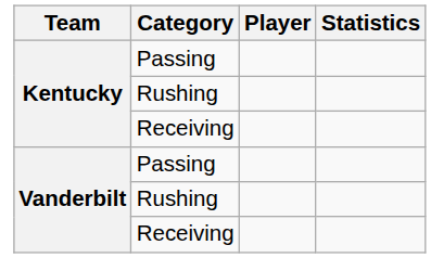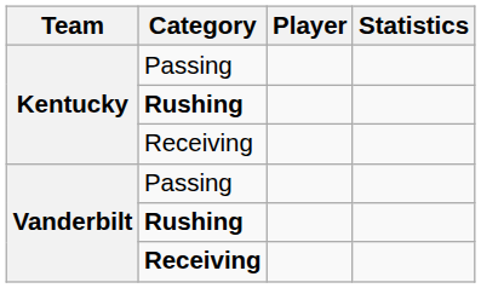 <table class="wikitable" style="float:right">
 <tr>
 <th>Team</th>
 <th>Category</th>
 <th>Player</th>
 <th>Statistics</th>
 </tr>
 <tr>
 <th rowspan=3>Kentucky</th>
 <td>Passing</td>
 <td></td>
 <td></td>
 </tr>
 <tr>
-<td>Rushing</td>
+<td><strong>Rushing</strong></td>
 <td></td>
 <td></td>
 </tr>
 <tr>
 <td>Receiving</td>
 <td></td>
 <td></td>
 </tr>
 <tr>
 <th rowspan=3>Vanderbilt</th>
 <td>Passing</td>
 <td></td>
 <td></td>
 </tr>
 <tr>
-<td>Rushing</td>
+<td><strong>Rushing</strong></td>
 <td></td>
 <td></td>
 </tr>
 <tr>
-<td>Receiving</td>
+<td><strong>Receiving</strong></td>
 <td></td>
 <td></td>
 </tr>
 </table>
